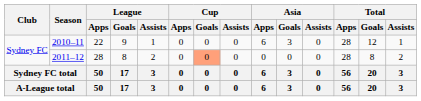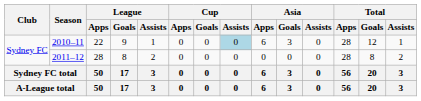 <table class="wikitable" border="1" style="font-size:90%; text-align: center;">
 <tr>
 <th rowspan="2">Club</th>
 <th rowspan="2">Season</th>
 <th colspan="3">League</th>
 <th colspan="3">Cup</th>
 <th colspan="3">Asia</th>
 <th colspan="3">Total</th>
 </tr>
 <tr>
 <th>Apps</th>
 <th>Goals</th>
 <th>Assists</th>
 <th>Apps</th>
 <th>Goals</th>
 <th>Assists</th>
 <th>Apps</th>
 <th>Goals</th>
 <th>Assists</th>
 <th>Apps</th>
 <th>Goals</th>
 <th>Assists</th>
 </tr>
 <tr>
 <td rowspan="2" valign="center"><a href='#'>Sydney FC</a></td>
 <td><a href='#'>2010–11</a></td>
 <td>22</td>
 <td>9</td>
 <td>1</td>
 <td>0</td>
 <td>0</td>
-<td>0</td>
+<td style="background: lightblue;">0</td>
 <td>6</td>
 <td>3</td>
 <td>0</td>
 <td>28</td>
 <td>12</td>
 <td>1</td>
 </tr>
 <tr>
 <td><a href='#'>2011–12</a></td>
 <td>28</td>
 <td>8</td>
 <td>2</td>
 <td>0</td>
-<td style="background: lightsalmon;">0</td>
+<td>0</td>
 <td>0</td>
 <td>0</td>
 <td>0</td>
 <td>0</td>
 <td>28</td>
 <td>8</td>
 <td>2</td>
 </tr>
 <tr>
 <th colspan="2">Sydney FC total</th>
 <th>50</th>
 <th>17</th>
 <th>3</th>
 <th>0</th>
 <th>0</th>
 <th>0</th>
 <th>6</th>
 <th>3</th>
 <th>0</th>
 <th>56</th>
 <th>20</th>
 <th>3</th>
 </tr>
 <tr>
 <th colspan="2">A-League total</th>
 <th>50</th>
 <th>17</th>
 <th>3</th>
 <th>0</th>
 <th>0</th>
 <th>0</th>
 <th>6</th>
 <th>3</th>
 <th>0</th>
 <th>56</th>
 <th>20</th>
 <th>3</th>
 </tr>
 </table>
